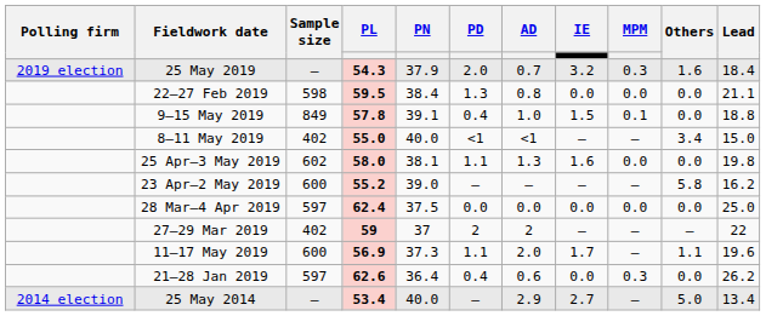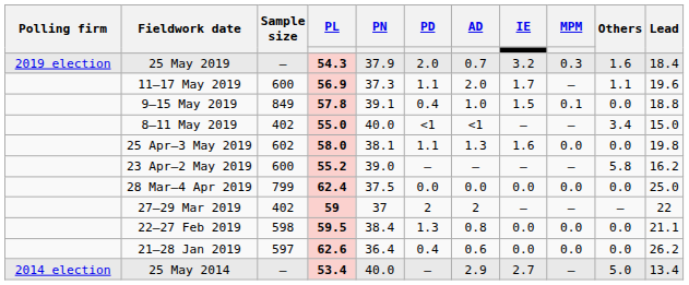 <table class="wikitable sortable" style="text-align:center;font-size:90%;line-height:14px;">
 <tr style="height:40px;">
 <th style="width:105px;" rowspan="2">Polling firm</th>
 <th style="width:125px;" rowspan="2">Fieldwork date</th>
 <th style="width:35px;" rowspan="2">Sample<br>size</th>
 <th class="unsortable" style="width:40px;"><a href='#'>PL</a></th>
 <th class="unsortable" style="width:40px;"><a href='#'>PN</a></th>
 <th class="unsortable" style="width:40px;"><a href='#'>PD</a></th>
 <th class="unsortable" style="width:40px;"><a href='#'>AD</a></th>
 <th class="unsortable" style="width:40px;"><a href='#'>IE</a></th>
 <th class="unsortable" style="width:40px;"><a href='#'>MPM</a></th>
 <th class="unsortable" style="width:40px;" rowspan="2">Others</th>
 <th style="width:30px;" rowspan="2">Lead</th>
 </tr>
 <tr>
 <th style="background:"></th>
 <th style="background:"></th>
 <th style="background:"></th>
 <th style="background:"></th>
 <th style="background:#000000;"></th>
 <th style="background:"></th>
 </tr>
 <tr style="background:#E9E9E9;">
 <td><a href='#'>2019 election</a></td>
 <td data-sort-value="2019-05-25">25 May 2019</td>
 <td>–</td>
 <td style="background:#FBD1CE;"><strong>54.3</strong></td>
 <td>37.9</td>
 <td>2.0</td>
 <td>0.7</td>
 <td>3.2</td>
 <td>0.3</td>
 <td>1.6</td>
 <td style="background:">18.4</td>
 </tr>
 <tr>
 <td></td>
-<td data-sort-value="2019-02-27">22–27 Feb 2019</td>
-<td>598</td>
-<td style="background:#FBD1CE;"><strong>59.5</strong></td>
-<td>38.4</td>
-<td>1.3</td>
-<td>0.8</td>
-<td>0.0</td>
-<td>0.0</td>
-<td>0.0</td>
-<td style="background:">21.1</td>
+<td data-sort-value="2019-05-17">11–17 May 2019</td>
+<td>600</td>
+<td style="background:#FBD1CE;"><strong>56.9</strong></td>
+<td>37.3</td>
+<td>1.1</td>
+<td>2.0</td>
+<td>1.7</td>
+<td>–</td>
+<td>1.1</td>
+<td style="background:">19.6</td>
 </tr>
 <tr>
 <td></td>
 <td data-sort-value="2019-05-15">9–15 May 2019</td>
 <td>849</td>
 <td style="background:#FBD1CE;"><strong>57.8</strong></td>
 <td>39.1</td>
 <td>0.4</td>
 <td>1.0</td>
 <td>1.5</td>
 <td>0.1</td>
 <td>0.0</td>
 <td style="background:">18.8</td>
 </tr>
 <tr>
 <td></td>
 <td data-sort-value="2019-05-11">8–11 May 2019</td>
 <td>402</td>
 <td style="background:#FBD1CE;"><strong>55.0</strong></td>
 <td>40.0</td>
 <td data-sort-value="0"><1</td>
 <td data-sort-value="0"><1</td>
 <td>–</td>
 <td>–</td>
 <td>3.4</td>
 <td style="background:">15.0</td>
 </tr>
 <tr>
 <td></td>
 <td data-sort-value="2019-05-03">25 Apr–3 May 2019</td>
 <td>602</td>
 <td style="background:#FBD1CE;"><strong>58.0</strong></td>
 <td>38.1</td>
 <td>1.1</td>
 <td>1.3</td>
 <td>1.6</td>
 <td>0.0</td>
 <td>0.0</td>
 <td style="background:">19.8</td>
 </tr>
 <tr>
 <td></td>
 <td data-sort-value="2019-05-02">23 Apr–2 May 2019</td>
 <td>600</td>
 <td style="background:#FBD1CE;"><strong>55.2</strong></td>
 <td>39.0</td>
 <td>–</td>
 <td>–</td>
 <td>–</td>
 <td>–</td>
 <td>5.8</td>
 <td style="background:">16.2</td>
 </tr>
 <tr>
 <td></td>
 <td data-sort-value="2019-04-04">28 Mar–4 Apr 2019</td>
-<td>597</td>
+<td>799</td>
 <td style="background:#FBD1CE;"><strong>62.4</strong></td>
 <td>37.5</td>
 <td>0.0</td>
 <td>0.0</td>
 <td>0.0</td>
 <td>0.0</td>
 <td>0.0</td>
 <td style="background:">25.0</td>
 </tr>
 <tr>
 <td></td>
 <td data-sort-value="2019-03-29">27–29 Mar 2019</td>
 <td>402</td>
 <td style="background:#FBD1CE;"><strong>59</strong></td>
 <td>37</td>
 <td>2</td>
 <td>2</td>
 <td>–</td>
 <td>–</td>
 <td>–</td>
 <td style="background:">22</td>
 </tr>
 <tr>
 <td></td>
-<td data-sort-value="2019-05-17">11–17 May 2019</td>
-<td>600</td>
-<td style="background:#FBD1CE;"><strong>56.9</strong></td>
-<td>37.3</td>
-<td>1.1</td>
-<td>2.0</td>
-<td>1.7</td>
-<td>–</td>
-<td>1.1</td>
-<td style="background:">19.6</td>
+<td data-sort-value="2019-02-27">22–27 Feb 2019</td>
+<td>598</td>
+<td style="background:#FBD1CE;"><strong>59.5</strong></td>
+<td>38.4</td>
+<td>1.3</td>
+<td>0.8</td>
+<td>0.0</td>
+<td>0.0</td>
+<td>0.0</td>
+<td style="background:">21.1</td>
 </tr>
 <tr>
 <td></td>
 <td data-sort-value="2019-01-28">21–28 Jan 2019</td>
 <td>597</td>
 <td style="background:#FBD1CE;"><strong>62.6</strong></td>
 <td>36.4</td>
 <td>0.4</td>
 <td>0.6</td>
 <td>0.0</td>
-<td>0.3</td>
+<td>0.0</td>
 <td>0.0</td>
 <td style="background:">26.2</td>
 </tr>
 <tr style="background:#E9E9E9;">
 <td><a href='#'>2014 election</a></td>
 <td data-sort-value="2014-05-25">25 May 2014</td>
 <td>–</td>
 <td style="background:#FBD1CE;"><strong>53.4</strong></td>
 <td>40.0</td>
 <td>–</td>
 <td>2.9</td>
 <td>2.7</td>
 <td>–</td>
 <td>5.0</td>
 <td style="background:">13.4</td>
 </tr>
 </table>
